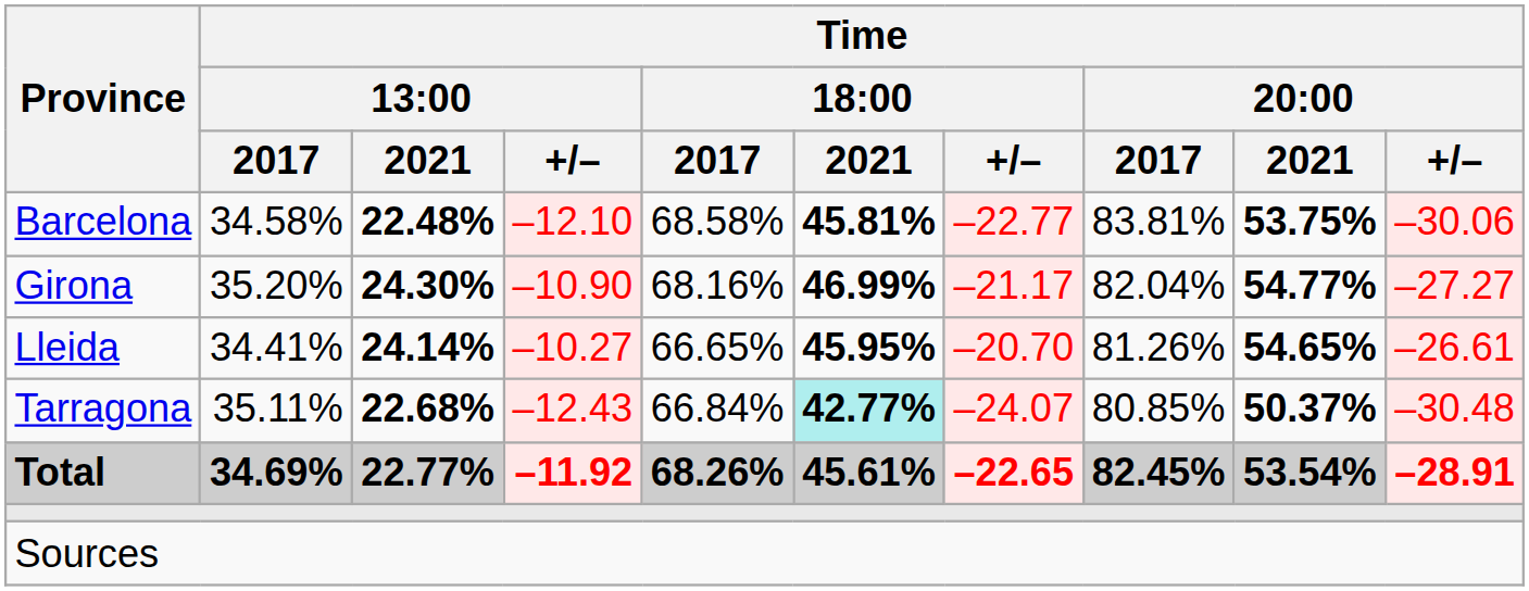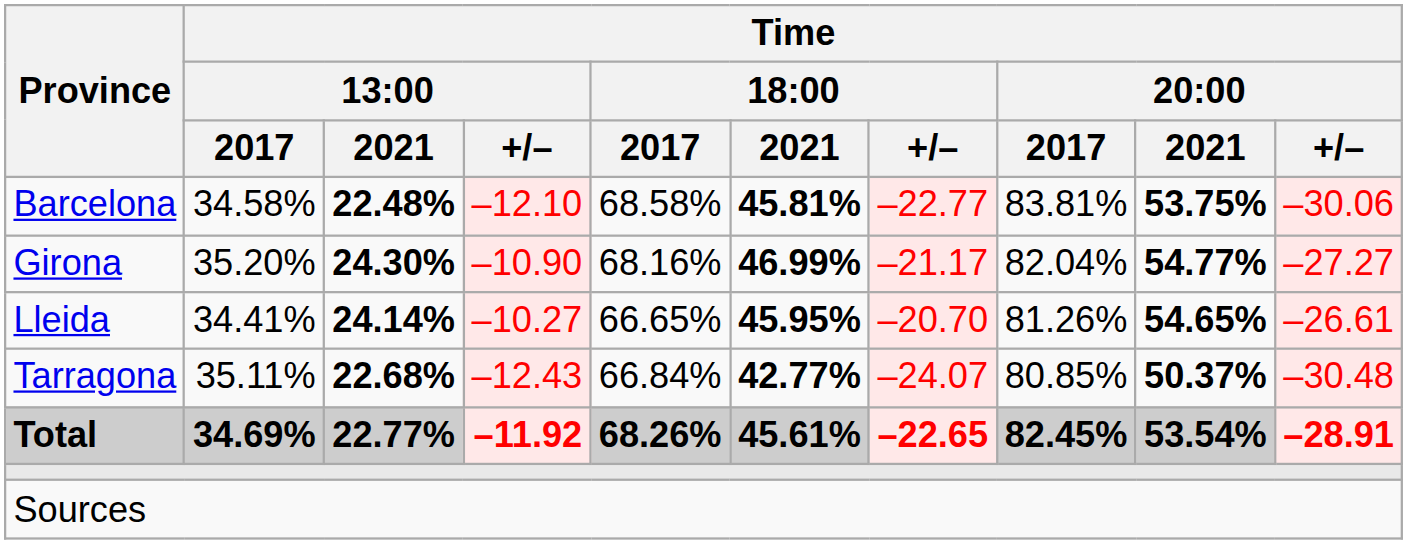 <table class="wikitable sortable" style="text-align:right;">
 <tr>
 <th rowspan="3">Province</th>
 <th colspan="9">Time</th>
 </tr>
 <tr>
 <th colspan="3">13:00</th>
 <th colspan="3">18:00</th>
 <th colspan="3">20:00</th>
 </tr>
 <tr>
 <th>2017</th>
 <th>2021</th>
 <th>+/–</th>
 <th>2017</th>
 <th>2021</th>
 <th>+/–</th>
 <th>2017</th>
 <th>2021</th>
 <th>+/–</th>
 </tr>
 <tr>
 <td align="left"><a href='#'>Barcelona</a></td>
 <td>34.58%</td>
 <td><strong>22.48%</strong></td>
 <td style="background:#FFE8E8; color:red;">–12.10</td>
 <td>68.58%</td>
 <td><strong>45.81%</strong></td>
 <td style="background:#FFE8E8; color:red;">–22.77</td>
 <td>83.81%</td>
 <td><strong>53.75%</strong></td>
 <td style="background:#FFE8E8; color:red;">–30.06</td>
 </tr>
 <tr>
 <td align="left"><a href='#'>Girona</a></td>
 <td>35.20%</td>
 <td><strong>24.30%</strong></td>
 <td style="background:#FFE8E8; color:red;">–10.90</td>
 <td>68.16%</td>
 <td><strong>46.99%</strong></td>
 <td style="background:#FFE8E8; color:red;">–21.17</td>
 <td>82.04%</td>
 <td><strong>54.77%</strong></td>
 <td style="background:#FFE8E8; color:red;">–27.27</td>
 </tr>
 <tr>
 <td align="left"><a href='#'>Lleida</a></td>
 <td>34.41%</td>
 <td><strong>24.14%</strong></td>
 <td style="background:#FFE8E8; color:red;">–10.27</td>
 <td>66.65%</td>
 <td><strong>45.95%</strong></td>
 <td style="background:#FFE8E8; color:red;">–20.70</td>
 <td>81.26%</td>
 <td><strong>54.65%</strong></td>
 <td style="background:#FFE8E8; color:red;">–26.61</td>
 </tr>
 <tr>
 <td align="left"><a href='#'>Tarragona</a></td>
 <td>35.11%</td>
 <td><strong>22.68%</strong></td>
 <td style="background:#FFE8E8; color:red;">–12.43</td>
 <td>66.84%</td>
-<td style="background: paleturquoise;"><strong>42.77%</strong></td>
+<td><strong>42.77%</strong></td>
 <td style="background:#FFE8E8; color:red;">–24.07</td>
 <td>80.85%</td>
 <td><strong>50.37%</strong></td>
 <td style="background:#FFE8E8; color:red;">–30.48</td>
 </tr>
 <tr style="background:#CDCDCD;">
 <td align="left"><strong>Total</strong></td>
 <td><strong>34.69%</strong></td>
 <td><strong>22.77%</strong></td>
 <td style="background:#FFE8E8; color:red;"><strong>–11.92</strong></td>
 <td><strong>68.26%</strong></td>
 <td><strong>45.61%</strong></td>
 <td style="background:#FFE8E8; color:red;"><strong>–22.65</strong></td>
 <td><strong>82.45%</strong></td>
 <td><strong>53.54%</strong></td>
 <td style="background:#FFE8E8; color:red;"><strong>–28.91</strong></td>
 </tr>
 <tr>
 <td colspan="10" bgcolor="#E9E9E9"></td>
 </tr>
 <tr>
 <td align="left" colspan="10">Sources</td>
 </tr>
 </table>
